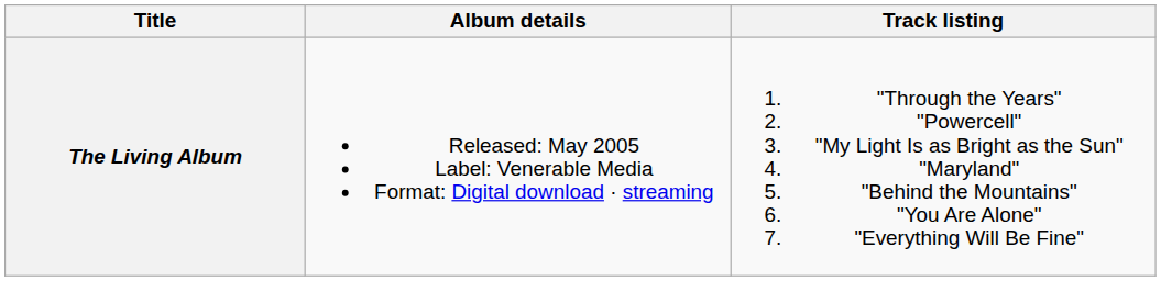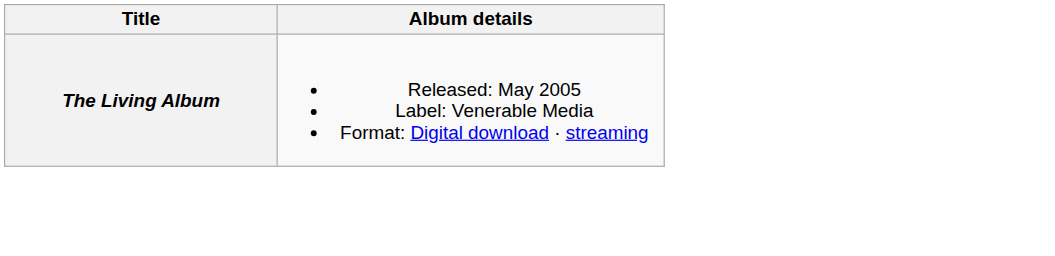 <table class="wikitable plainrowheaders" style="text-align:center;">
 <tr>
 <th scope="col" style="width:14em;">Title</th>
 <th scope="col" style="width:20em;">Album details</th>
-<th scope="col" style="width:20em;">Track listing</th>
 </tr>
 <tr>
 <th scope="row"><em>The Living Album</em></th>
 <td><br><ul><li>Released: May 2005</li><li>Label: Venerable Media</li><li>Format: <a href='#'>Digital download</a> · <a href='#'>streaming</a></li></ul></td>
-<td><br><ol><li>"Through the Years"</li><li>"Powercell"</li><li>"My Light Is as Bright as the Sun"</li><li>"Maryland"</li><li>"Behind the Mountains"</li><li>"You Are Alone"</li><li>"Everything Will Be Fine"</li></ol></td>
 </tr>
 </table>
